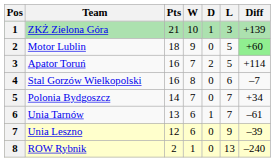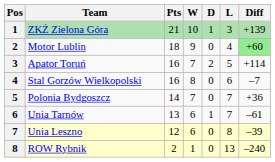 <table class="wikitable" style="font-size: 100%">
 <tr>
 <th width=20>Pos</th>
 <th width=200>Team</th>
 <th width=20>Pts</th>
 <th width=20>W</th>
 <th width=20>D</th>
 <th width=20>L</th>
 <th width=40>Diff</th>
 </tr>
 <tr align=center style="background:#ACE1AF;">
 <th>1</th>
 <td align=left><a href='#'>ZKŻ Zielona Góra</a></td>
 <td>21</td>
 <td>10</td>
 <td>1</td>
 <td>3</td>
 <td>+139</td>
 </tr>
 <tr align=center>
 <th>2</th>
 <td align=left><a href='#'>Motor Lublin</a></td>
 <td>18</td>
 <td>9</td>
 <td>0</td>
-<td>5</td>
+<td>4</td>
 <td style="background: lightgreen;">+60</td>
 </tr>
 <tr align=center>
 <th>3</th>
 <td align=left><a href='#'>Apator Toruń</a></td>
 <td>16</td>
 <td>7</td>
 <td>2</td>
 <td>5</td>
 <td>+114</td>
 </tr>
 <tr align=center>
 <th>4</th>
 <td align=left><a href='#'>Stal Gorzów Wielkopolski</a></td>
 <td>16</td>
 <td>8</td>
 <td>0</td>
 <td>6</td>
 <td>–7</td>
 </tr>
 <tr align=center>
 <th>5</th>
 <td align=left><a href='#'>Polonia Bydgoszcz</a></td>
 <td>14</td>
 <td>7</td>
 <td>0</td>
 <td>7</td>
-<td>+34</td>
+<td>+36</td>
 </tr>
 <tr align=center>
 <th>6</th>
 <td align=left><a href='#'>Unia Tarnów</a></td>
 <td>13</td>
 <td>6</td>
 <td>1</td>
 <td>7</td>
 <td>–61</td>
 </tr>
 <tr align=center style="background: #ffffcc;">
 <th>7</th>
 <td align=left><a href='#'>Unia Leszno</a></td>
 <td>12</td>
 <td>6</td>
 <td>0</td>
-<td>9</td>
+<td>8</td>
 <td>–39</td>
 </tr>
 <tr align=center style="background: #ffffcc;">
 <th>8</th>
 <td align=left><a href='#'>ROW Rybnik</a></td>
 <td>2</td>
 <td>1</td>
 <td>0</td>
 <td>13</td>
 <td>–240</td>
 </tr>
 </table>
